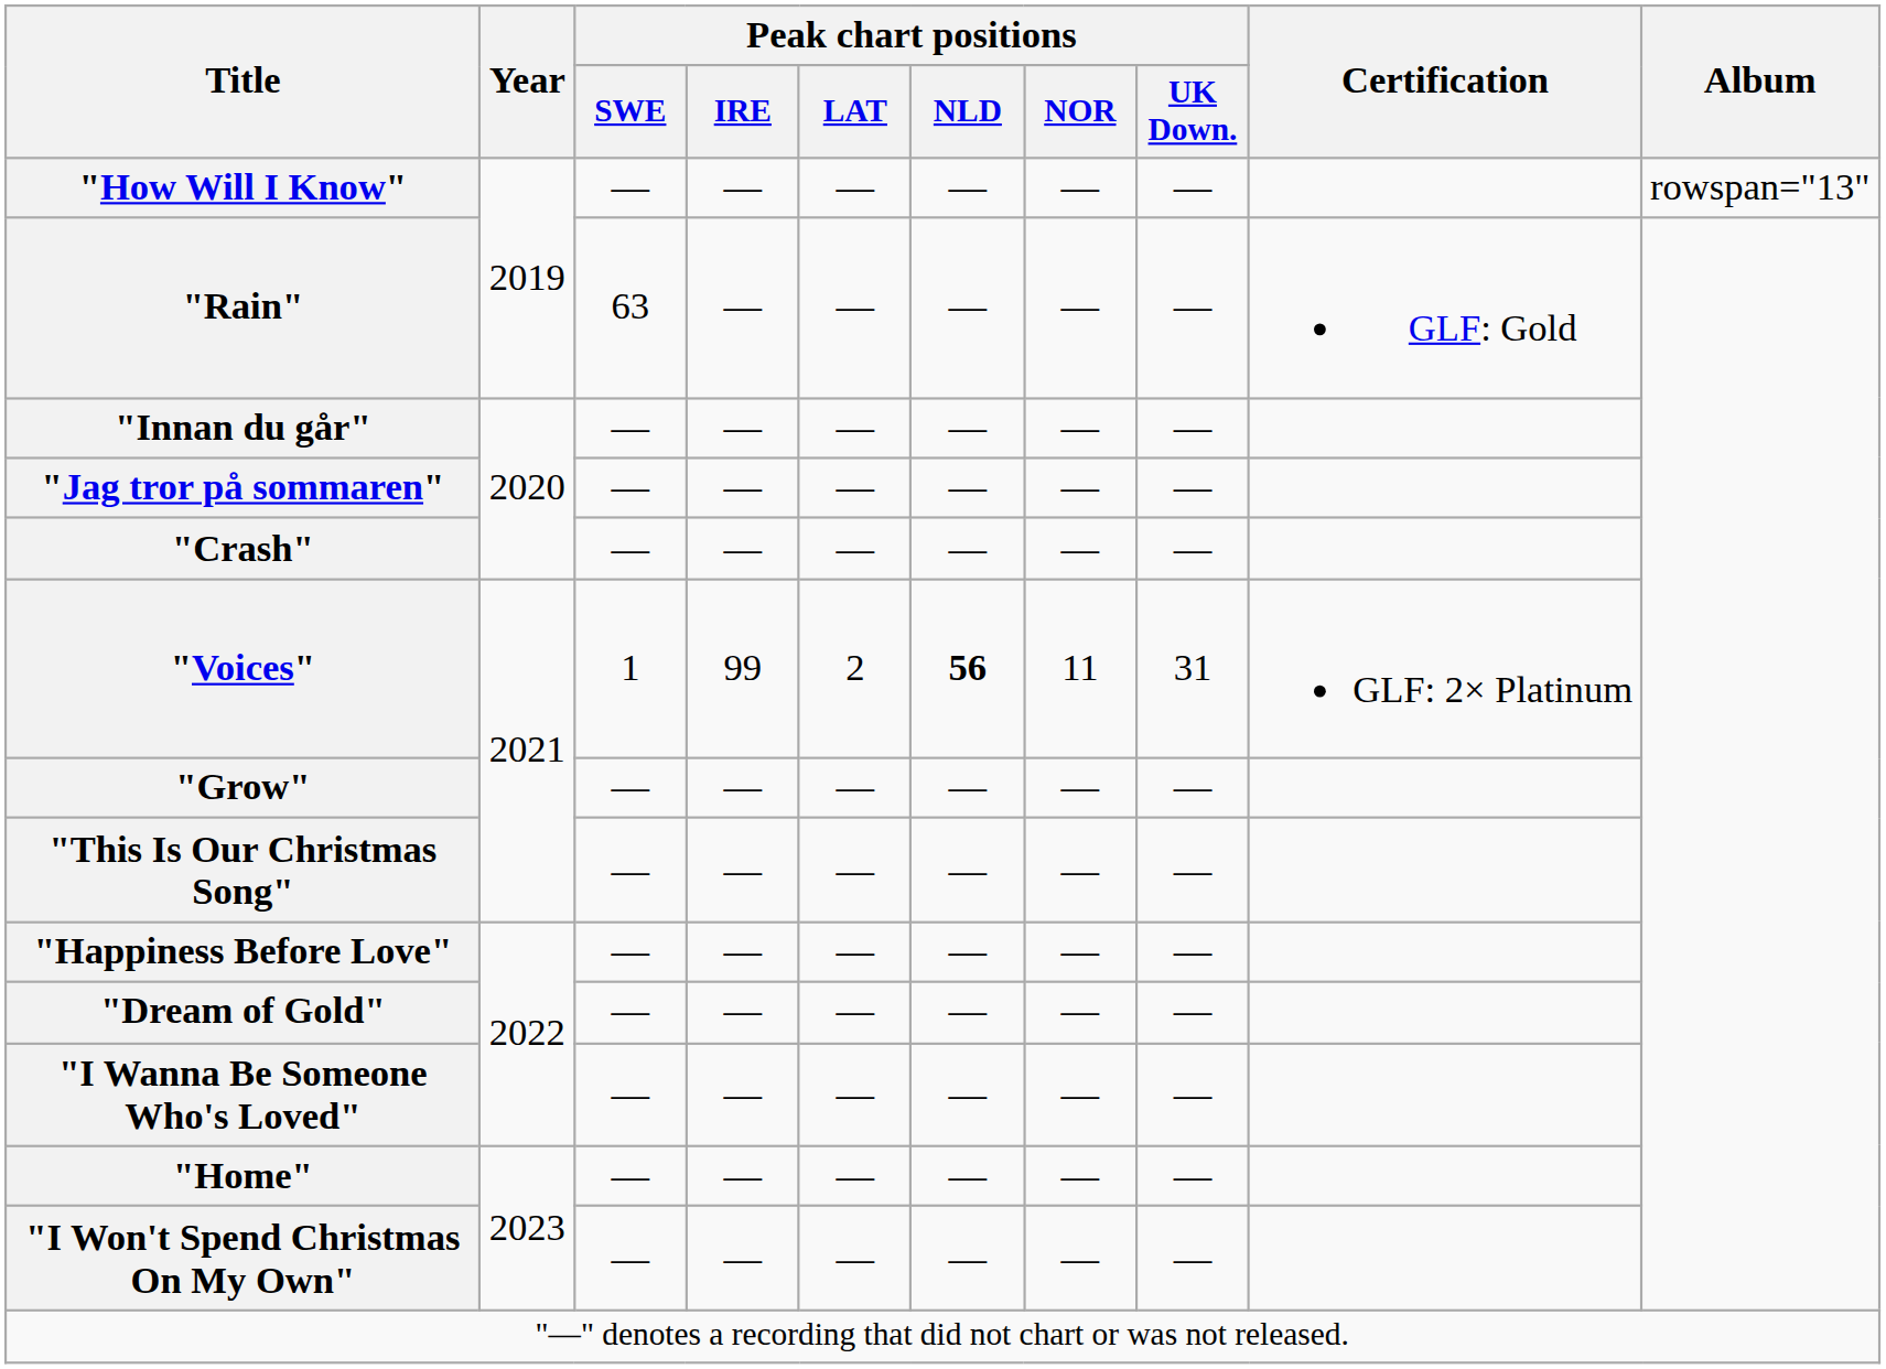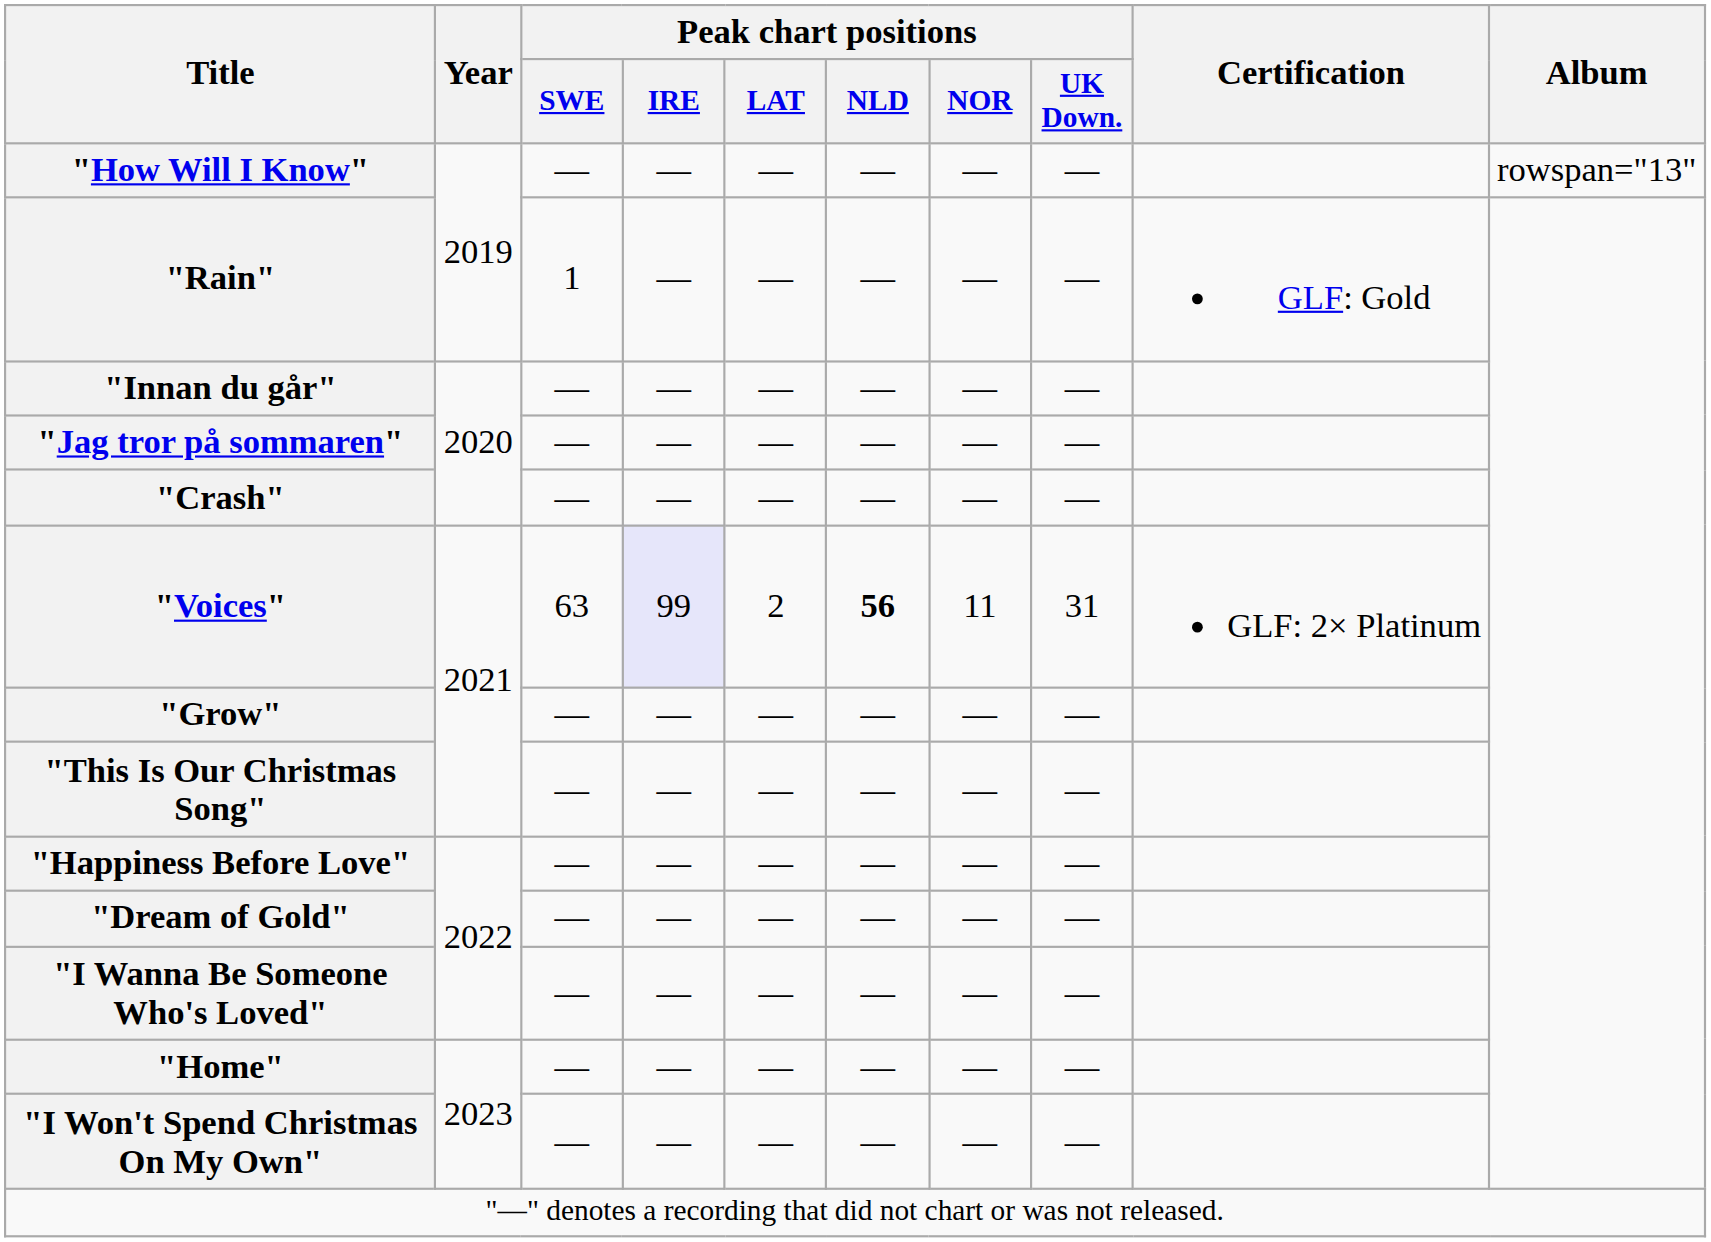 <table class="wikitable plainrowheaders" style="text-align:center;">
 <tr>
 <th scope="col" rowspan="2" style="width:12em;">Title</th>
 <th scope="col" rowspan="2" style="width:1em;">Year</th>
 <th scope="col" colspan="6">Peak chart positions</th>
 <th scope="col" rowspan="2">Certification</th>
 <th scope="col" rowspan="2">Album</th>
 </tr>
 <tr>
 <th scope="col" style="width:3em;font-size:85%;"><a href='#'>SWE</a><br></th>
 <th scope="col" style="width:3em;font-size:85%;"><a href='#'>IRE</a><br></th>
 <th scope="col" style="width:3em;font-size:85%;"><a href='#'>LAT</a><br></th>
 <th scope="col" style="width:3em;font-size:85%;"><a href='#'>NLD</a><br></th>
 <th scope="col" style="width:3em;font-size:85%;"><a href='#'>NOR</a><br></th>
 <th scope="col" style="width:3em;font-size:85%;"><a href='#'>UK<br>Down.</a><br></th>
 </tr>
 <tr>
 <th scope="row">"<a href='#'>How Will I Know</a>"</th>
 <td rowspan="2">2019</td>
 <td>—</td>
 <td>—</td>
 <td>—</td>
 <td>—</td>
 <td>—</td>
 <td>—</td>
 <td></td>
 <td>rowspan="13" </td>
 </tr>
 <tr>
 <th scope="row">"Rain"</th>
-<td>63</td>
+<td>1</td>
 <td>—</td>
 <td>—</td>
 <td>—</td>
 <td>—</td>
 <td>—</td>
 <td><br><ul><li><a href='#'>GLF</a>: Gold</li></ul></td>
 </tr>
 <tr>
 <th scope="row">"Innan du går"</th>
 <td rowspan="3">2020</td>
 <td>—</td>
 <td>—</td>
 <td>—</td>
 <td>—</td>
 <td>—</td>
 <td>—</td>
 <td></td>
 </tr>
 <tr>
 <th scope="row">"<a href='#'>Jag tror på sommaren</a>"</th>
 <td>—</td>
 <td>—</td>
 <td>—</td>
 <td>—</td>
 <td>—</td>
 <td>—</td>
 <td></td>
 </tr>
 <tr>
 <th scope="row">"Crash"</th>
 <td>—</td>
 <td>—</td>
 <td>—</td>
 <td>—</td>
 <td>—</td>
 <td>—</td>
 <td></td>
 </tr>
 <tr>
 <th scope="row">"<a href='#'>Voices</a>"</th>
 <td rowspan="3">2021</td>
-<td>1</td>
-<td>99</td>
+<td>63</td>
+<td style="background: lavender;">99</td>
 <td>2</td>
 <td><strong>56</strong></td>
 <td>11</td>
 <td>31</td>
 <td><br><ul><li>GLF: 2× Platinum</li></ul></td>
 </tr>
 <tr>
 <th scope="row">"Grow"</th>
 <td>—</td>
 <td>—</td>
 <td>—</td>
 <td>—</td>
 <td>—</td>
 <td>—</td>
 <td></td>
 </tr>
 <tr>
 <th scope="row">"This Is Our Christmas Song"</th>
 <td>—</td>
 <td>—</td>
 <td>—</td>
 <td>—</td>
 <td>—</td>
 <td>—</td>
 <td></td>
 </tr>
 <tr>
 <th scope="row">"Happiness Before Love"</th>
 <td rowspan="3">2022</td>
 <td>—</td>
 <td>—</td>
 <td>—</td>
 <td>—</td>
 <td>—</td>
 <td>—</td>
 <td></td>
 </tr>
 <tr>
 <th scope="row">"Dream of Gold"</th>
 <td>—</td>
 <td>—</td>
 <td>—</td>
 <td>—</td>
 <td>—</td>
 <td>—</td>
 <td></td>
 </tr>
 <tr>
 <th scope="row">"I Wanna Be Someone Who's Loved"</th>
 <td>—</td>
 <td>—</td>
 <td>—</td>
 <td>—</td>
 <td>—</td>
 <td>—</td>
 <td></td>
 </tr>
 <tr>
 <th scope="row">"Home"</th>
 <td rowspan="2">2023</td>
 <td>—</td>
 <td>—</td>
 <td>—</td>
 <td>—</td>
 <td>—</td>
 <td>—</td>
 <td></td>
 </tr>
 <tr>
 <th scope="row">"I Won't Spend Christmas On My Own"</th>
 <td>—</td>
 <td>—</td>
 <td>—</td>
 <td>—</td>
 <td>—</td>
 <td>—</td>
 <td></td>
 </tr>
 <tr>
 <td colspan="17" style="text-align:center; font-size:85%;">"—" denotes a recording that did not chart or was not released.</td>
 </tr>
 </table>
